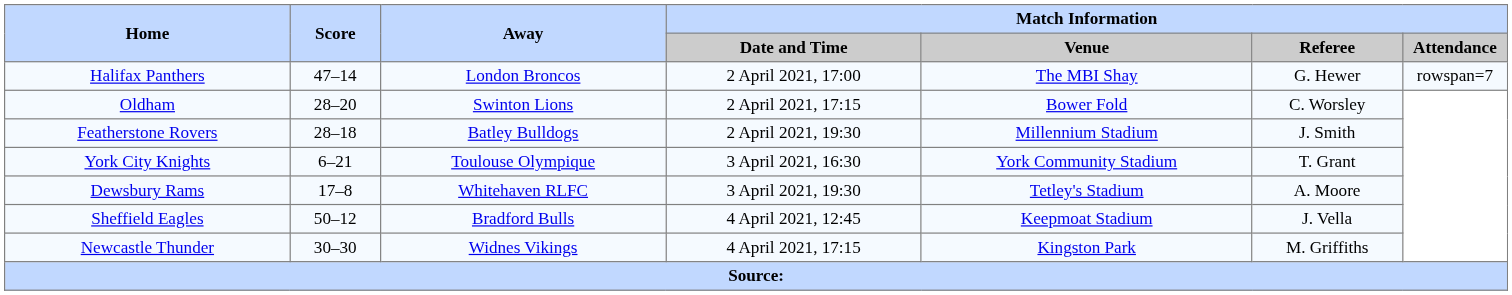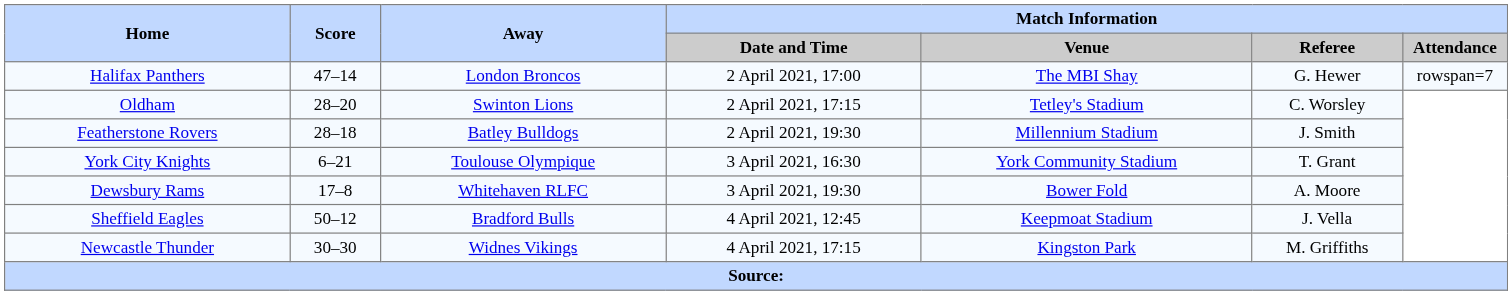 <table border=1 style="border-collapse:collapse; font-size:90%; text-align:center;" cellpadding=3 cellspacing=0 width=100%>
 <tr style="background:#C1D8ff;">
 <th scope="col" rowspan=2 width=19%>Home</th>
 <th scope="col" rowspan=2 width=6%>Score</th>
 <th scope="col" rowspan=2 width=19%>Away</th>
 <th colspan=4>Match Information</th>
 </tr>
 <tr style="background:#CCCCCC;">
 <th scope="col" width=17%>Date and Time</th>
 <th scope="col" width=22%>Venue</th>
 <th scope="col" width=10%>Referee</th>
 <th scope="col" width=7%>Attendance</th>
 </tr>
 <tr style="background:#F5FAFF;">
 <td> <a href='#'>Halifax Panthers</a></td>
 <td>47–14</td>
 <td> <a href='#'>London Broncos</a></td>
 <td>2 April 2021, 17:00</td>
 <td><a href='#'>The MBI Shay</a></td>
 <td>G. Hewer</td>
 <td>rowspan=7</td>
 </tr>
 <tr style="background:#F5FAFF;">
 <td> <a href='#'>Oldham</a></td>
 <td>28–20</td>
 <td> <a href='#'>Swinton Lions</a></td>
 <td>2 April 2021, 17:15</td>
-<td><a href='#'>Bower Fold</a></td>
+<td><a href='#'>Tetley's Stadium</a></td>
 <td>C. Worsley</td>
 </tr>
 <tr style="background:#F5FAFF;">
 <td> <a href='#'>Featherstone Rovers</a></td>
 <td>28–18</td>
 <td> <a href='#'>Batley Bulldogs</a></td>
 <td>2 April 2021, 19:30</td>
 <td><a href='#'>Millennium Stadium</a></td>
 <td>J. Smith</td>
 </tr>
 <tr style="background:#F5FAFF;">
 <td> <a href='#'>York City Knights</a></td>
 <td>6–21</td>
 <td> <a href='#'>Toulouse Olympique</a></td>
 <td>3 April 2021, 16:30</td>
 <td><a href='#'>York Community Stadium</a></td>
 <td>T. Grant</td>
 </tr>
 <tr style="background:#F5FAFF;">
 <td> <a href='#'>Dewsbury Rams</a></td>
 <td>17–8</td>
 <td> <a href='#'>Whitehaven RLFC</a></td>
 <td>3 April 2021, 19:30</td>
-<td><a href='#'>Tetley's Stadium</a></td>
+<td><a href='#'>Bower Fold</a></td>
 <td>A. Moore</td>
 </tr>
 <tr style="background:#F5FAFF;">
 <td> <a href='#'>Sheffield Eagles</a></td>
 <td>50–12</td>
 <td> <a href='#'>Bradford Bulls</a></td>
 <td>4 April 2021, 12:45</td>
 <td><a href='#'>Keepmoat Stadium</a></td>
 <td>J. Vella</td>
 </tr>
 <tr style="background:#F5FAFF;">
 <td> <a href='#'>Newcastle Thunder</a></td>
 <td>30–30</td>
 <td> <a href='#'>Widnes Vikings</a></td>
 <td>4 April 2021, 17:15</td>
 <td><a href='#'>Kingston Park</a></td>
 <td>M. Griffiths</td>
 </tr>
 <tr style="background:#c1d8ff;">
 <th colspan=7>Source:</th>
 </tr>
 </table>
